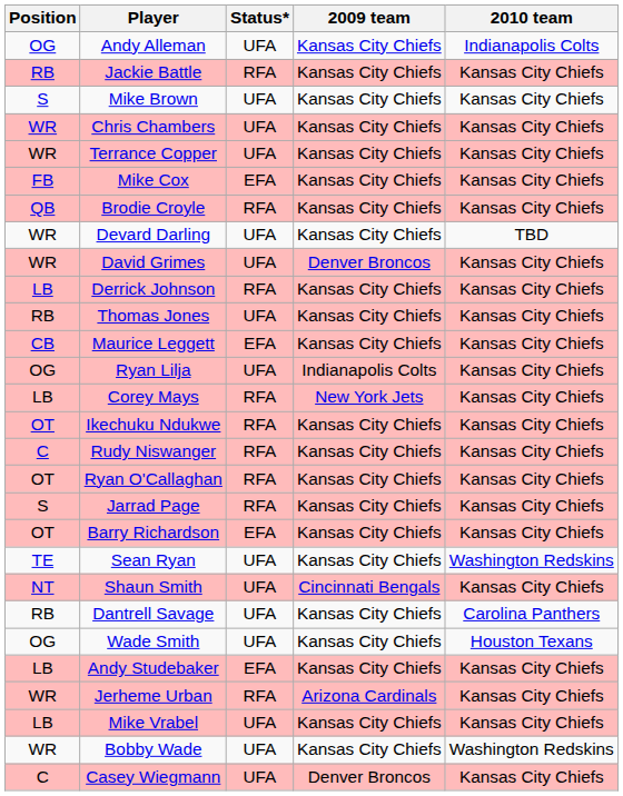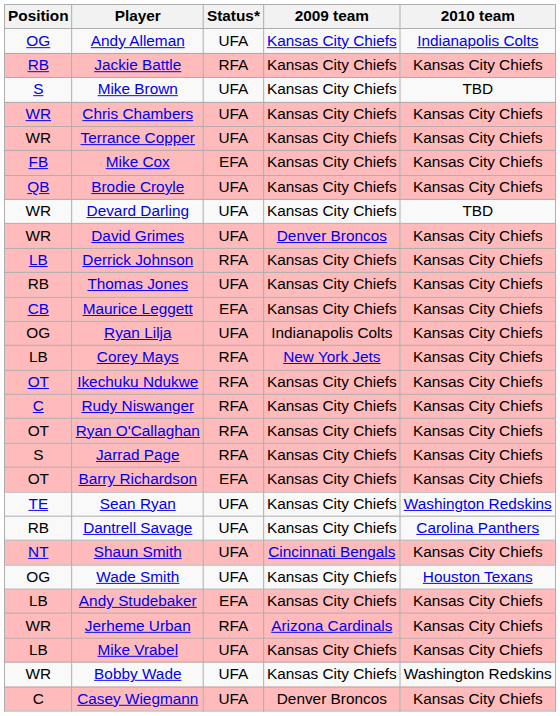 <table class="wikitable sortable">
 <tr>
 <th>Position</th>
 <th>Player</th>
 <th>Status*</th>
 <th>2009 team</th>
 <th>2010 team</th>
 </tr>
 <tr style="text-align:center;">
 <td><a href='#'>OG</a></td>
 <td><a href='#'>Andy Alleman</a></td>
 <td>UFA</td>
 <td><a href='#'>Kansas City Chiefs</a></td>
 <td><a href='#'>Indianapolis Colts</a></td>
 </tr>
 <tr style="text-align:center; background:#fbb;">
 <td><a href='#'>RB</a></td>
 <td><a href='#'>Jackie Battle</a></td>
 <td>RFA</td>
 <td>Kansas City Chiefs</td>
 <td>Kansas City Chiefs</td>
 </tr>
 <tr style="text-align:center;">
 <td><a href='#'>S</a></td>
 <td><a href='#'>Mike Brown</a></td>
 <td>UFA</td>
 <td>Kansas City Chiefs</td>
-<td>Kansas City Chiefs</td>
+<td>TBD</td>
 </tr>
 <tr style="text-align:center; background:#fbb;">
 <td><a href='#'>WR</a></td>
 <td><a href='#'>Chris Chambers</a></td>
 <td>UFA</td>
 <td>Kansas City Chiefs</td>
 <td>Kansas City Chiefs</td>
 </tr>
 <tr style="text-align:center; background:#fbb;">
 <td>WR</td>
 <td><a href='#'>Terrance Copper</a></td>
 <td>UFA</td>
 <td>Kansas City Chiefs</td>
 <td>Kansas City Chiefs</td>
 </tr>
 <tr style="text-align:center; background:#fbb;">
 <td><a href='#'>FB</a></td>
 <td><a href='#'>Mike Cox</a></td>
 <td>EFA</td>
 <td>Kansas City Chiefs</td>
 <td>Kansas City Chiefs</td>
 </tr>
 <tr style="text-align:center; background:#fbb;">
 <td><a href='#'>QB</a></td>
 <td><a href='#'>Brodie Croyle</a></td>
-<td>RFA</td>
+<td>UFA</td>
 <td>Kansas City Chiefs</td>
 <td>Kansas City Chiefs</td>
 </tr>
 <tr style="text-align:center;">
 <td>WR</td>
 <td><a href='#'>Devard Darling</a></td>
 <td>UFA</td>
 <td>Kansas City Chiefs</td>
 <td>TBD</td>
 </tr>
 <tr style="text-align:center; background:#fbb;">
 <td>WR</td>
 <td><a href='#'>David Grimes</a></td>
 <td>UFA</td>
 <td><a href='#'>Denver Broncos</a></td>
 <td>Kansas City Chiefs</td>
 </tr>
 <tr style="text-align:center; background:#fbb;">
 <td><a href='#'>LB</a></td>
 <td><a href='#'>Derrick Johnson</a></td>
 <td>RFA</td>
 <td>Kansas City Chiefs</td>
 <td>Kansas City Chiefs</td>
 </tr>
 <tr style="text-align:center; background:#fbb;">
 <td>RB</td>
 <td><a href='#'>Thomas Jones</a></td>
 <td>UFA</td>
 <td>Kansas City Chiefs</td>
 <td>Kansas City Chiefs</td>
 </tr>
 <tr style="text-align:center; background:#fbb;">
 <td><a href='#'>CB</a></td>
 <td><a href='#'>Maurice Leggett</a></td>
 <td>EFA</td>
 <td>Kansas City Chiefs</td>
 <td>Kansas City Chiefs</td>
 </tr>
 <tr style="text-align:center; background:#fbb;">
 <td>OG</td>
 <td><a href='#'>Ryan Lilja</a></td>
 <td>UFA</td>
 <td>Indianapolis Colts</td>
 <td>Kansas City Chiefs</td>
 </tr>
 <tr style="text-align:center; background:#fbb;">
 <td>LB</td>
 <td><a href='#'>Corey Mays</a></td>
 <td>RFA</td>
 <td><a href='#'>New York Jets</a></td>
 <td>Kansas City Chiefs</td>
 </tr>
 <tr style="text-align:center; background:#fbb;">
 <td><a href='#'>OT</a></td>
 <td><a href='#'>Ikechuku Ndukwe</a></td>
 <td>RFA</td>
 <td>Kansas City Chiefs</td>
 <td>Kansas City Chiefs</td>
 </tr>
 <tr style="text-align:center; background:#fbb;">
 <td><a href='#'>C</a></td>
 <td><a href='#'>Rudy Niswanger</a></td>
 <td>RFA</td>
 <td>Kansas City Chiefs</td>
 <td>Kansas City Chiefs</td>
 </tr>
 <tr style="text-align:center; background:#fbb;">
 <td>OT</td>
 <td><a href='#'>Ryan O'Callaghan</a></td>
 <td>RFA</td>
 <td>Kansas City Chiefs</td>
 <td>Kansas City Chiefs</td>
 </tr>
 <tr style="text-align:center; background:#fbb;">
 <td>S</td>
 <td><a href='#'>Jarrad Page</a></td>
 <td>RFA</td>
 <td>Kansas City Chiefs</td>
 <td>Kansas City Chiefs</td>
 </tr>
 <tr style="text-align:center; background:#fbb;">
 <td>OT</td>
 <td><a href='#'>Barry Richardson</a></td>
 <td>EFA</td>
 <td>Kansas City Chiefs</td>
 <td>Kansas City Chiefs</td>
 </tr>
 <tr style="text-align:center;">
 <td><a href='#'>TE</a></td>
 <td><a href='#'>Sean Ryan</a></td>
 <td>UFA</td>
 <td>Kansas City Chiefs</td>
 <td><a href='#'>Washington Redskins</a></td>
 </tr>
+<tr style="text-align:center;">
+<td>RB</td>
+<td><a href='#'>Dantrell Savage</a></td>
+<td>UFA</td>
+<td>Kansas City Chiefs</td>
+<td><a href='#'>Carolina Panthers</a></td>
+</tr>
 <tr style="text-align:center; background:#fbb;">
 <td><a href='#'>NT</a></td>
 <td><a href='#'>Shaun Smith</a></td>
 <td>UFA</td>
 <td><a href='#'>Cincinnati Bengals</a></td>
 <td>Kansas City Chiefs</td>
-</tr>
-<tr style="text-align:center;">
-<td>RB</td>
-<td><a href='#'>Dantrell Savage</a></td>
-<td>UFA</td>
-<td>Kansas City Chiefs</td>
-<td><a href='#'>Carolina Panthers</a></td>
 </tr>
 <tr style="text-align:center;">
 <td>OG</td>
 <td><a href='#'>Wade Smith</a></td>
 <td>UFA</td>
 <td>Kansas City Chiefs</td>
 <td><a href='#'>Houston Texans</a></td>
 </tr>
 <tr style="text-align:center; background:#fbb;">
 <td>LB</td>
 <td><a href='#'>Andy Studebaker</a></td>
 <td>EFA</td>
 <td>Kansas City Chiefs</td>
 <td>Kansas City Chiefs</td>
 </tr>
 <tr style="text-align:center; background:#fbb;">
 <td>WR</td>
 <td><a href='#'>Jerheme Urban</a></td>
 <td>RFA</td>
 <td><a href='#'>Arizona Cardinals</a></td>
 <td>Kansas City Chiefs</td>
 </tr>
 <tr style="text-align:center; background:#fbb;">
 <td>LB</td>
 <td><a href='#'>Mike Vrabel</a></td>
 <td>UFA</td>
 <td>Kansas City Chiefs</td>
 <td>Kansas City Chiefs</td>
 </tr>
 <tr style="text-align:center;">
 <td>WR</td>
 <td><a href='#'>Bobby Wade</a></td>
 <td>UFA</td>
 <td>Kansas City Chiefs</td>
 <td>Washington Redskins</td>
 </tr>
 <tr style="text-align:center; background:#fbb;">
 <td>C</td>
 <td><a href='#'>Casey Wiegmann</a></td>
 <td>UFA</td>
 <td>Denver Broncos</td>
 <td>Kansas City Chiefs</td>
 </tr>
 </table>
